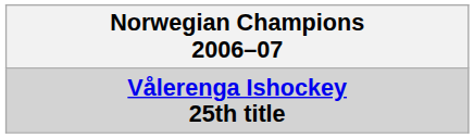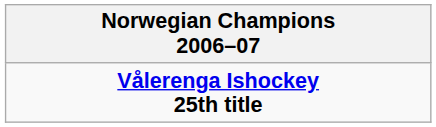 <table class="wikitable" style="text-align: center; margin: 0 auto; width: 20%">
 <tr>
 <th>Norwegian Champions<br>2006–07</th>
 </tr>
 <tr>
-<td style="background: lightgrey;"><strong><a href='#'>Vålerenga Ishockey</a></strong><br><strong>25th title</strong></td>
+<td><strong><a href='#'>Vålerenga Ishockey</a></strong><br><strong>25th title</strong></td>
 </tr>
 </table>
